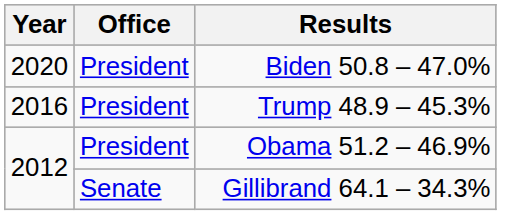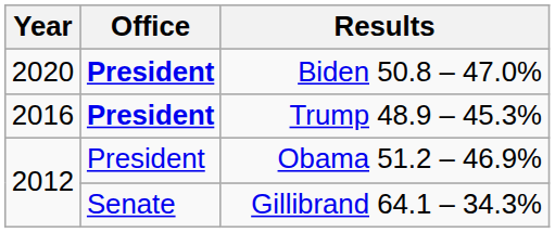 <table class=wikitable>
 <tr>
 <th width="30">Year</th>
 <th width="60">Office</th>
 <th width="180">Results</th>
 </tr>
 <tr>
 <td>2020</td>
-<td><a href='#'>President</a></td>
+<td><strong><a href='#'>President</a></strong></td>
 <td align="right" ><a href='#'>Biden</a> 50.8 – 47.0%</td>
 </tr>
 <tr>
 <td>2016</td>
-<td><a href='#'>President</a></td>
+<td><strong><a href='#'>President</a></strong></td>
 <td align="right" ><a href='#'>Trump</a> 48.9 – 45.3%</td>
 </tr>
 <tr>
 <td rowspan="2">2012</td>
 <td><a href='#'>President</a></td>
 <td align="right" ><a href='#'>Obama</a> 51.2 – 46.9%</td>
 </tr>
 <tr>
 <td><a href='#'>Senate</a></td>
 <td align="right" ><a href='#'>Gillibrand</a> 64.1 – 34.3%</td>
 </tr>
 </table>
